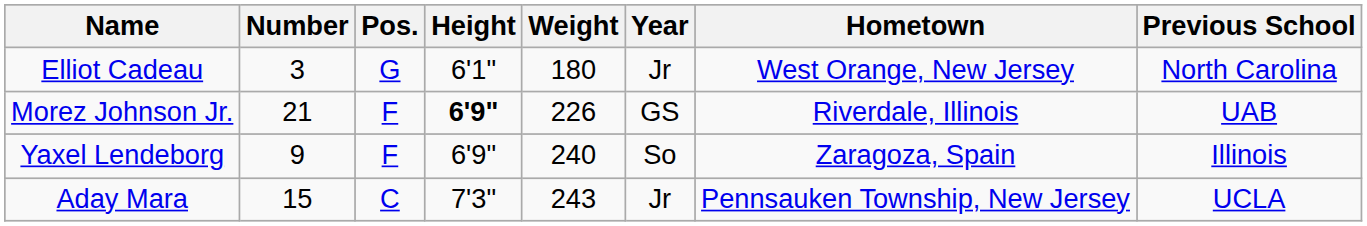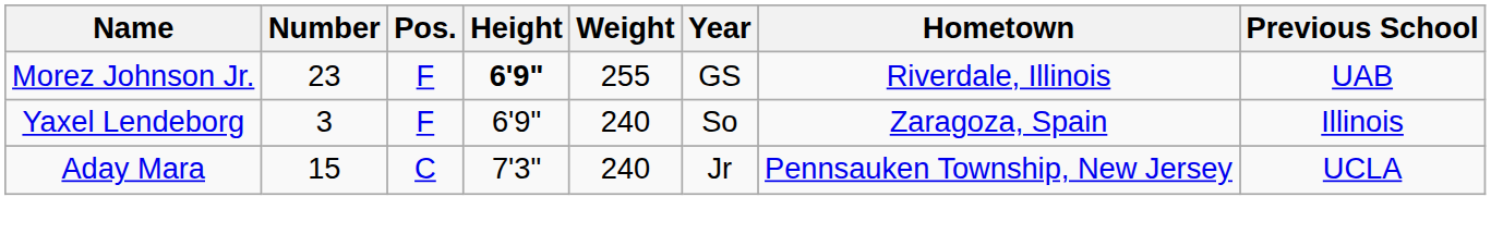 <table class="wikitable sortable sortable" style="text-align: center">
 <tr align=center>
 <th>Name</th>
 <th>Number</th>
 <th>Pos.</th>
 <th>Height</th>
 <th>Weight</th>
 <th>Year</th>
 <th>Hometown</th>
 <th>Previous School</th>
 </tr>
 <tr>
-<td><a href='#'>Elliot Cadeau</a></td>
-<td>3</td>
-<td><a href='#'>G</a></td>
-<td>6'1"</td>
-<td>180</td>
-<td>Jr</td>
-<td><a href='#'>West Orange, New Jersey</a></td>
-<td><a href='#'>North Carolina</a></td>
-</tr>
-<tr>
 <td><a href='#'>Morez Johnson Jr.</a></td>
-<td>21</td>
+<td>23</td>
 <td><a href='#'>F</a></td>
 <td><strong>6'9"</strong></td>
-<td>226</td>
+<td>255</td>
 <td>GS</td>
 <td><a href='#'>Riverdale, Illinois</a></td>
 <td><a href='#'>UAB</a></td>
 </tr>
 <tr>
 <td><a href='#'>Yaxel Lendeborg</a></td>
-<td>9</td>
+<td>3</td>
 <td><a href='#'>F</a></td>
 <td>6'9"</td>
 <td>240</td>
 <td>So</td>
 <td><a href='#'>Zaragoza, Spain</a></td>
 <td><a href='#'>Illinois</a></td>
 </tr>
 <tr>
 <td><a href='#'>Aday Mara</a></td>
 <td>15</td>
 <td><a href='#'>C</a></td>
 <td>7'3"</td>
-<td>243</td>
+<td>240</td>
 <td>Jr</td>
 <td><a href='#'>Pennsauken Township, New Jersey</a></td>
 <td><a href='#'>UCLA</a></td>
 </tr>
 </table>
